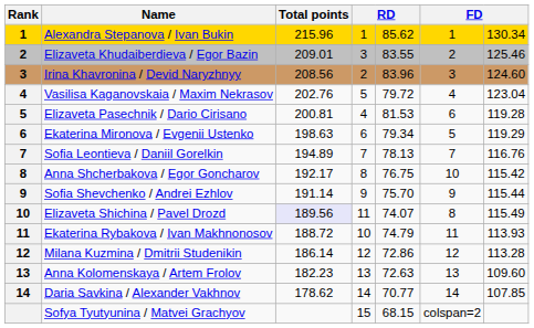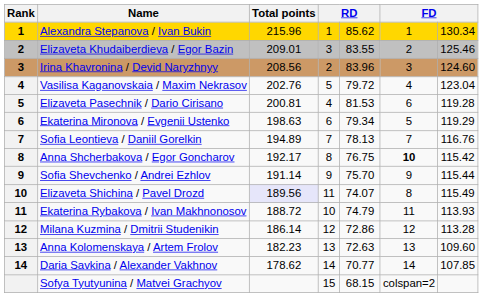 <table class="wikitable sortable">
 <tr>
 <th>Rank</th>
 <th>Name</th>
 <th>Total points</th>
 <th colspan="2" width="80px"><a href='#'>RD</a></th>
 <th colspan="2" width="80px"><a href='#'>FD</a></th>
 </tr>
 <tr bgcolor="gold">
 <td align="center"><strong>1</strong></td>
 <td><a href='#'>Alexandra Stepanova</a> / <a href='#'>Ivan Bukin</a></td>
 <td align="center">215.96</td>
 <td align="center">1</td>
 <td align="center">85.62</td>
 <td align="center">1</td>
 <td align="center">130.34</td>
 </tr>
 <tr bgcolor="silver">
 <td align="center"><strong>2</strong></td>
 <td><a href='#'>Elizaveta Khudaiberdieva</a> / <a href='#'>Egor Bazin</a></td>
 <td align="center">209.01</td>
 <td align="center">3</td>
 <td align="center">83.55</td>
 <td align="center">2</td>
 <td align="center">125.46</td>
 </tr>
 <tr bgcolor="cc9966">
 <td align="center"><strong>3</strong></td>
 <td><a href='#'>Irina Khavronina</a> / <a href='#'>Devid Naryzhnyy</a></td>
 <td align="center">208.56</td>
 <td align="center">2</td>
 <td align="center">83.96</td>
 <td align="center">3</td>
 <td align="center">124.60</td>
 </tr>
 <tr>
 <th>4</th>
 <td><a href='#'>Vasilisa Kaganovskaia</a> / <a href='#'>Maxim Nekrasov</a></td>
 <td align="center">202.76</td>
 <td align="center">5</td>
 <td align="center">79.72</td>
 <td align="center">4</td>
 <td align="center">123.04</td>
 </tr>
 <tr>
 <th>5</th>
 <td><a href='#'>Elizaveta Pasechnik</a> / <a href='#'>Dario Cirisano</a></td>
 <td align="center">200.81</td>
 <td align="center">4</td>
 <td align="center">81.53</td>
 <td align="center">6</td>
 <td align="center">119.28</td>
 </tr>
 <tr>
 <th>6</th>
 <td><a href='#'>Ekaterina Mironova</a> / <a href='#'>Evgenii Ustenko</a></td>
 <td align="center">198.63</td>
 <td align="center">6</td>
 <td align="center">79.34</td>
 <td align="center">5</td>
 <td align="center">119.29</td>
 </tr>
 <tr>
 <th>7</th>
 <td><a href='#'>Sofia Leontieva</a> / <a href='#'>Daniil Gorelkin</a></td>
 <td align="center">194.89</td>
 <td align="center">7</td>
 <td align="center">78.13</td>
 <td align="center">7</td>
 <td align="center">116.76</td>
 </tr>
 <tr>
 <th>8</th>
 <td><a href='#'>Anna Shcherbakova</a> / <a href='#'>Egor Goncharov</a></td>
 <td align="center">192.17</td>
 <td align="center">8</td>
 <td align="center">76.75</td>
-<td align="center">10</td>
+<td align="center"><strong>10</strong></td>
 <td align="center">115.42</td>
 </tr>
 <tr>
 <th>9</th>
 <td><a href='#'>Sofia Shevchenko</a> / <a href='#'>Andrei Ezhlov</a></td>
 <td align="center">191.14</td>
 <td align="center">9</td>
 <td align="center">75.70</td>
 <td align="center">9</td>
 <td align="center">115.44</td>
 </tr>
 <tr>
 <th>10</th>
 <td><a href='#'>Elizaveta Shichina</a> / <a href='#'>Pavel Drozd</a></td>
 <td align="center" style="background: lavender;">189.56</td>
 <td align="center">11</td>
 <td align="center">74.07</td>
 <td align="center">8</td>
 <td align="center">115.49</td>
 </tr>
 <tr>
 <th>11</th>
 <td><a href='#'>Ekaterina Rybakova</a> / <a href='#'>Ivan Makhnonosov</a></td>
 <td align="center">188.72</td>
 <td align="center">10</td>
 <td align="center">74.79</td>
 <td align="center">11</td>
 <td align="center">113.93</td>
 </tr>
 <tr>
 <th>12</th>
 <td><a href='#'>Milana Kuzmina</a> / <a href='#'>Dmitrii Studenikin</a></td>
 <td align="center">186.14</td>
 <td align="center">12</td>
 <td align="center">72.86</td>
 <td align="center">12</td>
 <td align="center">113.28</td>
 </tr>
 <tr>
 <th>13</th>
 <td><a href='#'>Anna Kolomenskaya</a> / <a href='#'>Artem Frolov</a></td>
 <td align="center">182.23</td>
 <td align="center">13</td>
 <td align="center">72.63</td>
 <td align="center">13</td>
 <td align="center">109.60</td>
 </tr>
 <tr>
 <th>14</th>
 <td><a href='#'>Daria Savkina</a> / <a href='#'>Alexander Vakhnov</a></td>
 <td align="center">178.62</td>
 <td align="center">14</td>
 <td align="center">70.77</td>
 <td align="center">14</td>
 <td align="center">107.85</td>
 </tr>
 <tr>
 <th></th>
 <td><a href='#'>Sofya Tyutyunina</a> / <a href='#'>Matvei Grachyov</a></td>
 <td></td>
 <td align="center">15</td>
 <td align="center">68.15</td>
 <td>colspan=2 </td>
 </tr>
 </table>
